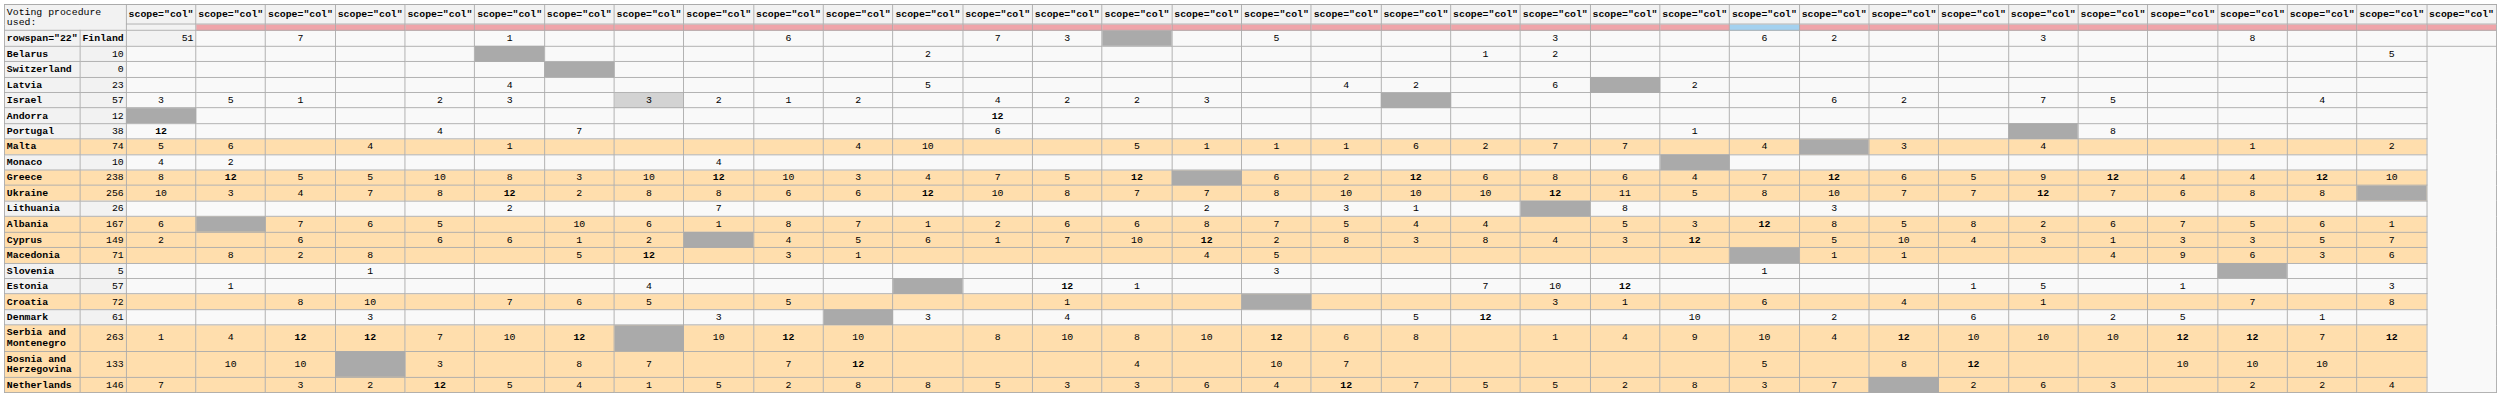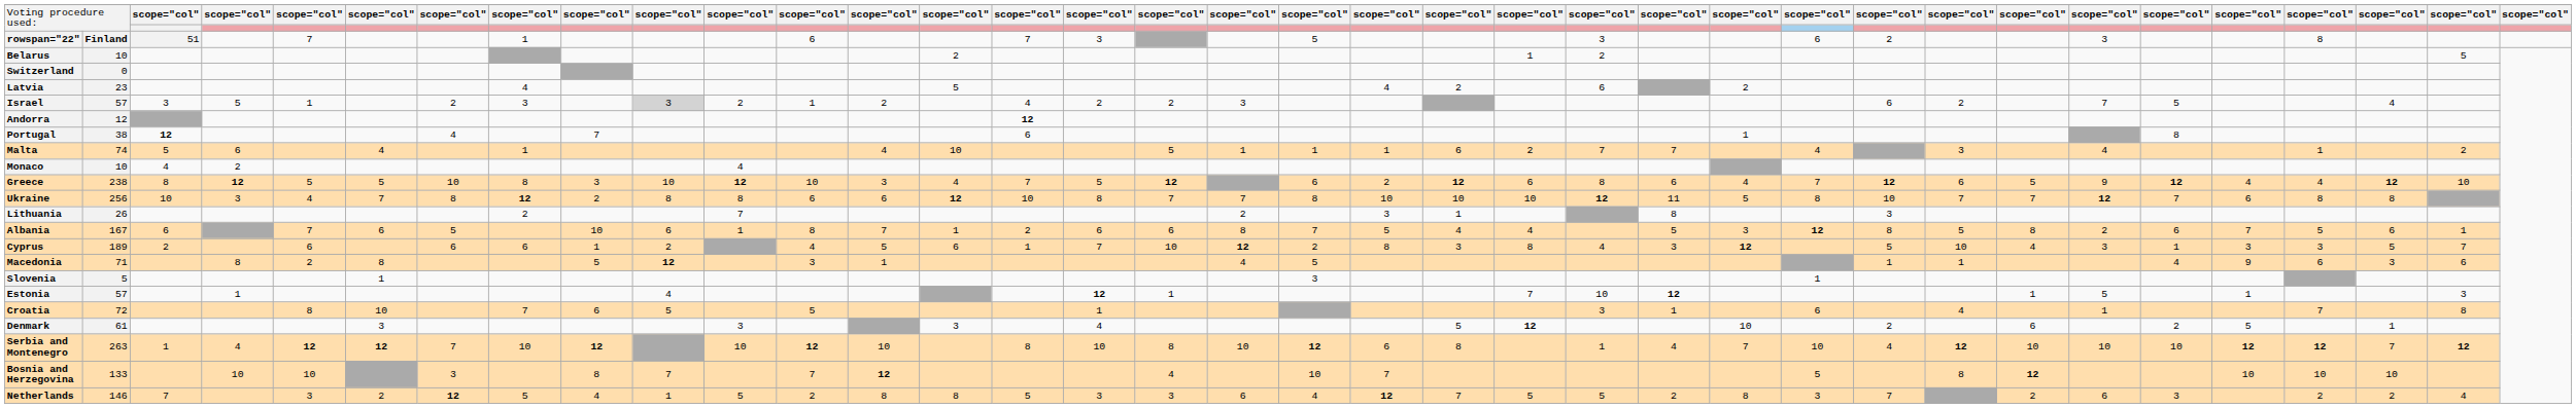 <table class="wikitable plainrowheaders" style="text-align:center; font-size:85%;">
 <tr>
 </tr>
 <tr>
 <td colspan="2" rowspan="2" style="text-align:left; background:#F2F2F2">Voting procedure used:<br></td>
 <th>scope="col" </th>
 <th>scope="col" </th>
 <th>scope="col" </th>
 <th>scope="col" </th>
 <th>scope="col" </th>
 <th>scope="col" </th>
 <th>scope="col" </th>
 <th>scope="col" </th>
 <th>scope="col" </th>
 <th>scope="col" </th>
 <th>scope="col" </th>
 <th>scope="col" </th>
 <th>scope="col" </th>
 <th>scope="col" </th>
 <th>scope="col" </th>
 <th>scope="col" </th>
 <th>scope="col" </th>
 <th>scope="col" </th>
 <th>scope="col" </th>
 <th>scope="col" </th>
 <th>scope="col" </th>
 <th>scope="col" </th>
 <th>scope="col" </th>
 <th>scope="col" </th>
 <th>scope="col" </th>
 <th>scope="col" </th>
 <th>scope="col" </th>
 <th>scope="col" </th>
 <th>scope="col" </th>
 <th>scope="col" </th>
 <th>scope="col" </th>
 <th>scope="col" </th>
 <th>scope="col" </th>
 <th>scope="col" </th>
 </tr>
 <tr>
 <th style="height:2px; border-top:1px solid transparent;"></th>
 <td style="background:#EFA4A9;"></td>
 <td style="background:#EFA4A9;"></td>
 <td style="background:#EFA4A9;"></td>
 <td style="background:#EFA4A9;"></td>
 <td style="background:#EFA4A9;"></td>
 <td style="background:#EFA4A9;"></td>
 <td style="background:#EFA4A9;"></td>
 <td style="background:#EFA4A9;"></td>
 <td style="background:#EFA4A9;"></td>
 <td style="background:#EFA4A9;"></td>
 <td style="background:#EFA4A9;"></td>
 <td style="background:#EFA4A9;"></td>
 <td style="background:#EFA4A9;"></td>
 <td style="background:#EFA4A9;"></td>
 <td style="background:#EFA4A9;"></td>
 <td style="background:#EFA4A9;"></td>
 <td style="background:#EFA4A9;"></td>
 <td style="background:#EFA4A9;"></td>
 <td style="background:#EFA4A9;"></td>
 <td style="background:#EFA4A9;"></td>
 <td style="background:#EFA4A9;"></td>
 <td style="background:#EFA4A9;"></td>
 <td style="background:#A4D1EF;"></td>
 <td style="background:#EFA4A9;"></td>
 <td style="background:#EFA4A9;"></td>
 <td style="background:#EFA4A9;"></td>
 <td style="background:#EFA4A9;"></td>
 <td style="background:#EFA4A9;"></td>
 <td style="background:#EFA4A9;"></td>
 <td style="background:#EFA4A9;"></td>
 <td style="background:#EFA4A9;"></td>
 <td style="background:#EFA4A9;"></td>
 <td style="background:#EFA4A9;"></td>
 </tr>
 <tr>
 <th>rowspan="22" </th>
 <th scope="row" style="text-align:left; background:#f2f2f2;">Finland</th>
 <td style="text-align:right; background:#f2f2f2;">51</td>
 <td></td>
 <td>7</td>
 <td></td>
 <td></td>
 <td>1</td>
 <td></td>
 <td></td>
 <td></td>
 <td>6</td>
 <td></td>
 <td></td>
 <td>7</td>
 <td>3</td>
 <td style="text-align:left; background:#aaa;"></td>
 <td></td>
 <td>5</td>
 <td></td>
 <td></td>
 <td></td>
 <td>3</td>
 <td></td>
 <td></td>
 <td>6</td>
 <td>2</td>
 <td></td>
 <td></td>
 <td>3</td>
 <td></td>
 <td></td>
 <td>8</td>
 <td></td>
 <td></td>
 <td></td>
 </tr>
 <tr>
 <th scope="row" style="text-align:left; background:#f2f2f2;">Belarus</th>
 <td style="text-align:right; background:#f2f2f2;">10</td>
 <td></td>
 <td></td>
 <td></td>
 <td></td>
 <td></td>
 <td style="text-align:left; background:#aaa;"></td>
 <td></td>
 <td></td>
 <td></td>
 <td></td>
 <td></td>
 <td>2</td>
 <td></td>
 <td></td>
 <td></td>
 <td></td>
 <td></td>
 <td></td>
 <td></td>
 <td>1</td>
 <td>2</td>
 <td></td>
 <td></td>
 <td></td>
 <td></td>
 <td></td>
 <td></td>
 <td></td>
 <td></td>
 <td></td>
 <td></td>
 <td></td>
 <td>5</td>
 </tr>
 <tr>
 <th scope="row" style="text-align:left; background:#f2f2f2;">Switzerland</th>
 <td style="text-align:right; background:#f2f2f2;">0</td>
 <td></td>
 <td></td>
 <td></td>
 <td></td>
 <td></td>
 <td></td>
 <td style="text-align:left; background:#aaa;"></td>
 <td></td>
 <td></td>
 <td></td>
 <td></td>
 <td></td>
 <td></td>
 <td></td>
 <td></td>
 <td></td>
 <td></td>
 <td></td>
 <td></td>
 <td></td>
 <td></td>
 <td></td>
 <td></td>
 <td></td>
 <td></td>
 <td></td>
 <td></td>
 <td></td>
 <td></td>
 <td></td>
 <td></td>
 <td></td>
 <td></td>
 </tr>
 <tr>
 <th scope="row" style="text-align:left; background:#f2f2f2;">Latvia</th>
 <td style="text-align:right; background:#f2f2f2;">23</td>
 <td></td>
 <td></td>
 <td></td>
 <td></td>
 <td></td>
 <td>4</td>
 <td></td>
 <td></td>
 <td></td>
 <td></td>
 <td></td>
 <td>5</td>
 <td></td>
 <td></td>
 <td></td>
 <td></td>
 <td></td>
 <td>4</td>
 <td>2</td>
 <td></td>
 <td>6</td>
 <td style="text-align:left; background:#aaa;"></td>
 <td>2</td>
 <td></td>
 <td></td>
 <td></td>
 <td></td>
 <td></td>
 <td></td>
 <td></td>
 <td></td>
 <td></td>
 <td></td>
 </tr>
 <tr>
 <th scope="row" style="text-align:left; background:#f2f2f2;">Israel</th>
 <td style="text-align:right; background:#f2f2f2;">57</td>
 <td>3</td>
 <td>5</td>
 <td>1</td>
 <td></td>
 <td>2</td>
 <td>3</td>
 <td></td>
 <td style="background: lightgrey;">3</td>
 <td>2</td>
 <td>1</td>
 <td>2</td>
 <td></td>
 <td>4</td>
 <td>2</td>
 <td>2</td>
 <td>3</td>
 <td></td>
 <td></td>
 <td style="text-align:left; background:#aaa;"></td>
 <td></td>
 <td></td>
 <td></td>
 <td></td>
 <td></td>
 <td>6</td>
 <td>2</td>
 <td></td>
 <td>7</td>
 <td>5</td>
 <td></td>
 <td></td>
 <td>4</td>
 <td></td>
 </tr>
 <tr>
 <th scope="row" style="text-align:left; background:#f2f2f2;">Andorra</th>
 <td style="text-align:right; background:#f2f2f2;">12</td>
 <td style="text-align:left; background:#aaa;"></td>
 <td></td>
 <td></td>
 <td></td>
 <td></td>
 <td></td>
 <td></td>
 <td></td>
 <td></td>
 <td></td>
 <td></td>
 <td></td>
 <td><strong>12</strong></td>
 <td></td>
 <td></td>
 <td></td>
 <td></td>
 <td></td>
 <td></td>
 <td></td>
 <td></td>
 <td></td>
 <td></td>
 <td></td>
 <td></td>
 <td></td>
 <td></td>
 <td></td>
 <td></td>
 <td></td>
 <td></td>
 <td></td>
 <td></td>
 </tr>
 <tr>
 <th scope="row" style="text-align:left; background:#f2f2f2;">Portugal</th>
 <td style="text-align:right; background:#f2f2f2;">38</td>
 <td><strong>12</strong></td>
 <td></td>
 <td></td>
 <td></td>
 <td>4</td>
 <td></td>
 <td>7</td>
 <td></td>
 <td></td>
 <td></td>
 <td></td>
 <td></td>
 <td>6</td>
 <td></td>
 <td></td>
 <td></td>
 <td></td>
 <td></td>
 <td></td>
 <td></td>
 <td></td>
 <td></td>
 <td>1</td>
 <td></td>
 <td></td>
 <td></td>
 <td></td>
 <td style="text-align:left; background:#aaa;"></td>
 <td>8</td>
 <td></td>
 <td></td>
 <td></td>
 <td></td>
 </tr>
 <tr style="background:#ffdead;">
 <th scope="row" style="text-align:left; font-weight:bold; background:#ffdead;">Malta</th>
 <td style="text-align:right;">74</td>
 <td>5</td>
 <td>6</td>
 <td></td>
 <td>4</td>
 <td></td>
 <td>1</td>
 <td></td>
 <td></td>
 <td></td>
 <td></td>
 <td>4</td>
 <td>10</td>
 <td></td>
 <td></td>
 <td>5</td>
 <td>1</td>
 <td>1</td>
 <td>1</td>
 <td>6</td>
 <td>2</td>
 <td>7</td>
 <td>7</td>
 <td></td>
 <td>4</td>
 <td style="text-align:left; background:#aaa;"></td>
 <td>3</td>
 <td></td>
 <td>4</td>
 <td></td>
 <td></td>
 <td>1</td>
 <td></td>
 <td>2</td>
 </tr>
 <tr>
 <th scope="row" style="text-align:left; background:#f2f2f2;">Monaco</th>
 <td style="text-align:right; background:#f2f2f2;">10</td>
 <td>4</td>
 <td>2</td>
 <td></td>
 <td></td>
 <td></td>
 <td></td>
 <td></td>
 <td></td>
 <td>4</td>
 <td></td>
 <td></td>
 <td></td>
 <td></td>
 <td></td>
 <td></td>
 <td></td>
 <td></td>
 <td></td>
 <td></td>
 <td></td>
 <td></td>
 <td></td>
 <td style="text-align:left; background:#aaa;"></td>
 <td></td>
 <td></td>
 <td></td>
 <td></td>
 <td></td>
 <td></td>
 <td></td>
 <td></td>
 <td></td>
 <td></td>
 </tr>
 <tr style="background:#ffdead;">
 <th scope="row" style="text-align:left; font-weight:bold; background:#ffdead;">Greece</th>
 <td style="text-align:right;">238</td>
 <td>8</td>
 <td><strong>12</strong></td>
 <td>5</td>
 <td>5</td>
 <td>10</td>
 <td>8</td>
 <td>3</td>
 <td>10</td>
 <td><strong>12</strong></td>
 <td>10</td>
 <td>3</td>
 <td>4</td>
 <td>7</td>
 <td>5</td>
 <td><strong>12</strong></td>
 <td style="text-align:left; background:#aaa;"></td>
 <td>6</td>
 <td>2</td>
 <td><strong>12</strong></td>
 <td>6</td>
 <td>8</td>
 <td>6</td>
 <td>4</td>
 <td>7</td>
 <td><strong>12</strong></td>
 <td>6</td>
 <td>5</td>
 <td>9</td>
 <td><strong>12</strong></td>
 <td>4</td>
 <td>4</td>
 <td><strong>12</strong></td>
 <td>10</td>
 </tr>
 <tr style="background:#ffdead;">
 <th scope="row" style="text-align:left; font-weight:bold; background:#ffdead;">Ukraine</th>
 <td style="text-align:right;">256</td>
 <td>10</td>
 <td>3</td>
 <td>4</td>
 <td>7</td>
 <td>8</td>
 <td><strong>12</strong></td>
 <td>2</td>
 <td>8</td>
 <td>8</td>
 <td>6</td>
 <td>6</td>
 <td><strong>12</strong></td>
 <td>10</td>
 <td>8</td>
 <td>7</td>
 <td>7</td>
 <td>8</td>
 <td>10</td>
 <td>10</td>
 <td>10</td>
 <td><strong>12</strong></td>
 <td>11</td>
 <td>5</td>
 <td>8</td>
 <td>10</td>
 <td>7</td>
 <td>7</td>
 <td><strong>12</strong></td>
 <td>7</td>
 <td>6</td>
 <td>8</td>
 <td>8</td>
 <td style="text-align:left; background:#aaa;"></td>
 </tr>
 <tr>
 <th scope="row" style="text-align:left; background:#f2f2f2;">Lithuania</th>
 <td style="text-align:right; background:#f2f2f2;">26</td>
 <td></td>
 <td></td>
 <td></td>
 <td></td>
 <td></td>
 <td>2</td>
 <td></td>
 <td></td>
 <td>7</td>
 <td></td>
 <td></td>
 <td></td>
 <td></td>
 <td></td>
 <td></td>
 <td>2</td>
 <td></td>
 <td>3</td>
 <td>1</td>
 <td></td>
 <td style="text-align:left; background:#aaa;"></td>
 <td>8</td>
 <td></td>
 <td></td>
 <td>3</td>
 <td></td>
 <td></td>
 <td></td>
 <td></td>
 <td></td>
 <td></td>
 <td></td>
 <td></td>
 </tr>
 <tr style="background:#ffdead;">
 <th scope="row" style="text-align:left; font-weight:bold; background:#ffdead;">Albania</th>
 <td style="text-align:right;">167</td>
 <td>6</td>
 <td style="text-align:left; background:#aaa;"></td>
 <td>7</td>
 <td>6</td>
 <td>5</td>
 <td></td>
 <td>10</td>
 <td>6</td>
 <td>1</td>
 <td>8</td>
 <td>7</td>
 <td>1</td>
 <td>2</td>
 <td>6</td>
 <td>6</td>
 <td>8</td>
 <td>7</td>
 <td>5</td>
 <td>4</td>
 <td>4</td>
 <td></td>
 <td>5</td>
 <td>3</td>
 <td><strong>12</strong></td>
 <td>8</td>
 <td>5</td>
 <td>8</td>
 <td>2</td>
 <td>6</td>
 <td>7</td>
 <td>5</td>
 <td>6</td>
 <td>1</td>
 </tr>
 <tr style="background:#ffdead;">
 <th scope="row" style="text-align:left; font-weight:bold; background:#ffdead;">Cyprus</th>
-<td style="text-align:right;">149</td>
+<td style="text-align:right;">189</td>
 <td>2</td>
 <td></td>
 <td>6</td>
 <td></td>
 <td>6</td>
 <td>6</td>
 <td>1</td>
 <td>2</td>
 <td style="text-align:left; background:#aaa;"></td>
 <td>4</td>
 <td>5</td>
 <td>6</td>
 <td>1</td>
 <td>7</td>
 <td>10</td>
 <td><strong>12</strong></td>
 <td>2</td>
 <td>8</td>
 <td>3</td>
 <td>8</td>
 <td>4</td>
 <td>3</td>
 <td><strong>12</strong></td>
 <td></td>
 <td>5</td>
 <td>10</td>
 <td>4</td>
 <td>3</td>
 <td>1</td>
 <td>3</td>
 <td>3</td>
 <td>5</td>
 <td>7</td>
 </tr>
 <tr style="background:#ffdead;">
 <th scope="row" style="text-align:left; font-weight:bold; background:#ffdead;">Macedonia</th>
 <td style="text-align:right;">71</td>
 <td></td>
 <td>8</td>
 <td>2</td>
 <td>8</td>
 <td></td>
 <td></td>
 <td>5</td>
 <td><strong>12</strong></td>
 <td></td>
 <td>3</td>
 <td>1</td>
 <td></td>
 <td></td>
 <td></td>
 <td></td>
 <td>4</td>
 <td>5</td>
 <td></td>
 <td></td>
 <td></td>
 <td></td>
 <td></td>
 <td></td>
 <td style="text-align:left; background:#aaa;"></td>
 <td>1</td>
 <td>1</td>
 <td></td>
 <td></td>
 <td>4</td>
 <td>9</td>
 <td>6</td>
 <td>3</td>
 <td>6</td>
 </tr>
 <tr>
 <th scope="row" style="text-align:left; background:#f2f2f2;">Slovenia</th>
 <td style="text-align:right; background:#f2f2f2;">5</td>
 <td></td>
 <td></td>
 <td></td>
 <td>1</td>
 <td></td>
 <td></td>
 <td></td>
 <td></td>
 <td></td>
 <td></td>
 <td></td>
 <td></td>
 <td></td>
 <td></td>
 <td></td>
 <td></td>
 <td>3</td>
 <td></td>
 <td></td>
 <td></td>
 <td></td>
 <td></td>
 <td></td>
 <td>1</td>
 <td></td>
 <td></td>
 <td></td>
 <td></td>
 <td></td>
 <td></td>
 <td style="text-align:left; background:#aaa;"></td>
 <td></td>
 <td></td>
 </tr>
 <tr>
 <th scope="row" style="text-align:left; background:#f2f2f2;">Estonia</th>
 <td style="text-align:right; background:#f2f2f2;">57</td>
 <td></td>
 <td>1</td>
 <td></td>
 <td></td>
 <td></td>
 <td></td>
 <td></td>
 <td>4</td>
 <td></td>
 <td></td>
 <td></td>
 <td style="text-align:left; background:#aaa;"></td>
 <td></td>
 <td><strong>12</strong></td>
 <td>1</td>
 <td></td>
 <td></td>
 <td></td>
 <td></td>
 <td>7</td>
 <td>10</td>
 <td><strong>12</strong></td>
 <td></td>
 <td></td>
 <td></td>
 <td></td>
 <td>1</td>
 <td>5</td>
 <td></td>
 <td>1</td>
 <td></td>
 <td></td>
 <td>3</td>
 </tr>
 <tr style="background:#ffdead;">
 <th scope="row" style="text-align:left; font-weight:bold; background:#ffdead;">Croatia</th>
 <td style="text-align:right;">72</td>
 <td></td>
 <td></td>
 <td>8</td>
 <td>10</td>
 <td></td>
 <td>7</td>
 <td>6</td>
 <td>5</td>
 <td></td>
 <td>5</td>
 <td></td>
 <td></td>
 <td></td>
 <td>1</td>
 <td></td>
 <td></td>
 <td style="text-align:left; background:#aaa;"></td>
 <td></td>
 <td></td>
 <td></td>
 <td>3</td>
 <td>1</td>
 <td></td>
 <td>6</td>
 <td></td>
 <td>4</td>
 <td></td>
 <td>1</td>
 <td></td>
 <td></td>
 <td>7</td>
 <td></td>
 <td>8</td>
 </tr>
 <tr>
 <th scope="row" style="text-align:left; background:#f2f2f2;">Denmark</th>
 <td style="text-align:right; background:#f2f2f2;">61</td>
 <td></td>
 <td></td>
 <td></td>
 <td>3</td>
 <td></td>
 <td></td>
 <td></td>
 <td></td>
 <td>3</td>
 <td></td>
 <td style="text-align:left; background:#aaa;"></td>
 <td>3</td>
 <td></td>
 <td>4</td>
 <td></td>
 <td></td>
 <td></td>
 <td></td>
 <td>5</td>
 <td><strong>12</strong></td>
 <td></td>
 <td></td>
 <td>10</td>
 <td></td>
 <td>2</td>
 <td></td>
 <td>6</td>
 <td></td>
 <td>2</td>
 <td>5</td>
 <td></td>
 <td>1</td>
 <td></td>
 </tr>
 <tr style="background:#ffdead;">
 <th scope="row" style="text-align:left; font-weight:bold; background:#ffdead;">Serbia and Montenegro</th>
 <td style="text-align:right;">263</td>
 <td>1</td>
 <td>4</td>
 <td><strong>12</strong></td>
 <td><strong>12</strong></td>
 <td>7</td>
 <td>10</td>
 <td><strong>12</strong></td>
 <td style="text-align:left; background:#aaa;"></td>
 <td>10</td>
 <td><strong>12</strong></td>
 <td>10</td>
 <td></td>
 <td>8</td>
 <td>10</td>
 <td>8</td>
 <td>10</td>
 <td><strong>12</strong></td>
 <td>6</td>
 <td>8</td>
 <td></td>
 <td>1</td>
 <td>4</td>
-<td>9</td>
+<td>7</td>
 <td>10</td>
 <td>4</td>
 <td><strong>12</strong></td>
 <td>10</td>
 <td>10</td>
 <td>10</td>
 <td><strong>12</strong></td>
 <td><strong>12</strong></td>
 <td>7</td>
 <td><strong>12</strong></td>
 </tr>
 <tr style="background:#ffdead;">
 <th scope="row" style="text-align:left; font-weight:bold; background:#ffdead;">Bosnia and Herzegovina</th>
 <td style="text-align:right;">133</td>
 <td></td>
 <td>10</td>
 <td>10</td>
 <td style="text-align:left; background:#aaa;"></td>
 <td>3</td>
 <td></td>
 <td>8</td>
 <td>7</td>
 <td></td>
 <td>7</td>
 <td><strong>12</strong></td>
 <td></td>
 <td></td>
 <td></td>
 <td>4</td>
 <td></td>
 <td>10</td>
 <td>7</td>
 <td></td>
 <td></td>
 <td></td>
 <td></td>
 <td></td>
 <td>5</td>
 <td></td>
 <td>8</td>
 <td><strong>12</strong></td>
 <td></td>
 <td></td>
 <td>10</td>
 <td>10</td>
 <td>10</td>
 <td></td>
 </tr>
 <tr style="background:#ffdead;">
 <th scope="row" style="text-align:left; font-weight:bold; background:#ffdead;">Netherlands</th>
 <td style="text-align:right;">146</td>
 <td>7</td>
 <td></td>
 <td>3</td>
 <td>2</td>
 <td><strong>12</strong></td>
 <td>5</td>
 <td>4</td>
 <td>1</td>
 <td>5</td>
 <td>2</td>
 <td>8</td>
 <td>8</td>
 <td>5</td>
 <td>3</td>
 <td>3</td>
 <td>6</td>
 <td>4</td>
 <td><strong>12</strong></td>
 <td>7</td>
 <td>5</td>
 <td>5</td>
 <td>2</td>
 <td>8</td>
 <td>3</td>
 <td>7</td>
 <td style="text-align:left; background:#aaa;"></td>
 <td>2</td>
 <td>6</td>
 <td>3</td>
 <td></td>
 <td>2</td>
 <td>2</td>
 <td>4</td>
 </tr>
 </table>
